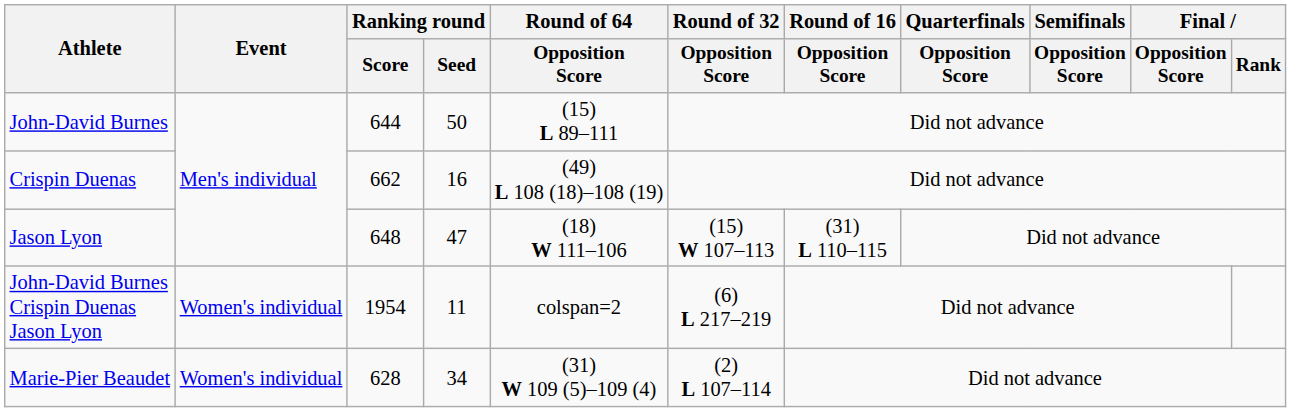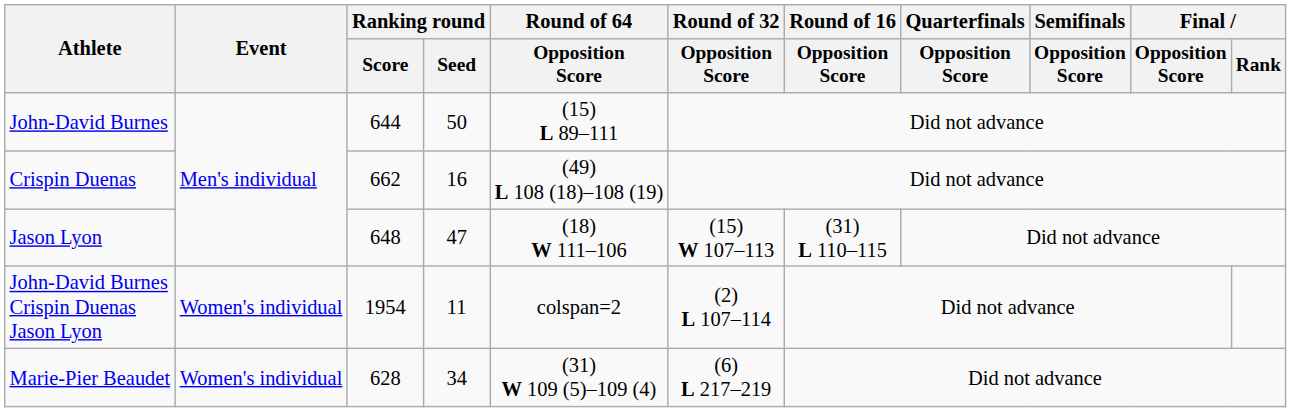 <table class="wikitable" style="font-size:90%">
 <tr>
 <th rowspan="2">Athlete</th>
 <th rowspan="2">Event</th>
 <th colspan="2">Ranking round</th>
 <th>Round of 64</th>
 <th>Round of 32</th>
 <th>Round of 16</th>
 <th>Quarterfinals</th>
 <th>Semifinals</th>
 <th colspan="2">Final / </th>
 </tr>
 <tr style="font-size:95%">
 <th>Score</th>
 <th>Seed</th>
 <th>Opposition<br>Score</th>
 <th>Opposition<br>Score</th>
 <th>Opposition<br>Score</th>
 <th>Opposition<br>Score</th>
 <th>Opposition<br>Score</th>
 <th>Opposition<br>Score</th>
 <th>Rank</th>
 </tr>
 <tr align=center>
 <td align=left><a href='#'>John-David Burnes</a></td>
 <td align=left rowspan=3><a href='#'>Men's individual</a></td>
 <td>644</td>
 <td>50</td>
 <td> (15)<br><strong>L</strong> 89–111</td>
 <td colspan=6>Did not advance</td>
 </tr>
 <tr align=center>
 <td align=left><a href='#'>Crispin Duenas</a></td>
 <td>662</td>
 <td>16</td>
 <td> (49)<br><strong>L</strong> 108 (18)–108 (19)</td>
 <td colspan=6>Did not advance</td>
 </tr>
 <tr align=center>
 <td align=left><a href='#'>Jason Lyon</a></td>
 <td>648</td>
 <td>47</td>
 <td> (18)<br><strong>W</strong> 111–106</td>
 <td> (15)<br><strong>W</strong> 107–113</td>
 <td> (31)<br><strong>L</strong> 110–115</td>
 <td colspan=4>Did not advance</td>
 </tr>
 <tr align=center>
 <td align=left><a href='#'>John-David Burnes</a><br> <a href='#'>Crispin Duenas</a><br><a href='#'>Jason Lyon</a></td>
 <td align=left><a href='#'>Women's individual</a></td>
 <td>1954</td>
 <td>11</td>
 <td>colspan=2 </td>
-<td> (6)<br><strong>L</strong> 217–219</td>
+<td> (2)<br><strong>L</strong> 107–114</td>
 <td colspan=4>Did not advance</td>
 </tr>
 <tr align=center>
 <td align=left><a href='#'>Marie-Pier Beaudet</a></td>
 <td align=left><a href='#'>Women's individual</a></td>
 <td>628</td>
 <td>34</td>
 <td> (31)<br><strong>W</strong> 109 (5)–109 (4)</td>
-<td> (2)<br><strong>L</strong> 107–114</td>
+<td> (6)<br><strong>L</strong> 217–219</td>
 <td colspan=5>Did not advance</td>
 </tr>
 </table>
